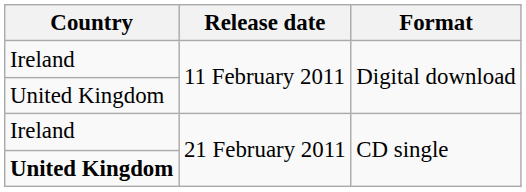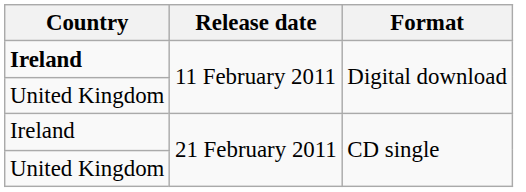 <table class="wikitable">
 <tr>
 <th>Country</th>
 <th>Release date</th>
 <th>Format</th>
 </tr>
 <tr>
-<td>Ireland</td>
+<td><strong>Ireland</strong></td>
 <td rowspan=2>11 February 2011</td>
 <td rowspan=2>Digital download</td>
 </tr>
 <tr>
 <td>United Kingdom</td>
 </tr>
 <tr>
 <td>Ireland</td>
 <td rowspan=2>21 February 2011</td>
 <td rowspan=2>CD single</td>
 </tr>
 <tr>
-<td><strong>United Kingdom</strong></td>
+<td>United Kingdom</td>
 </tr>
 </table>
